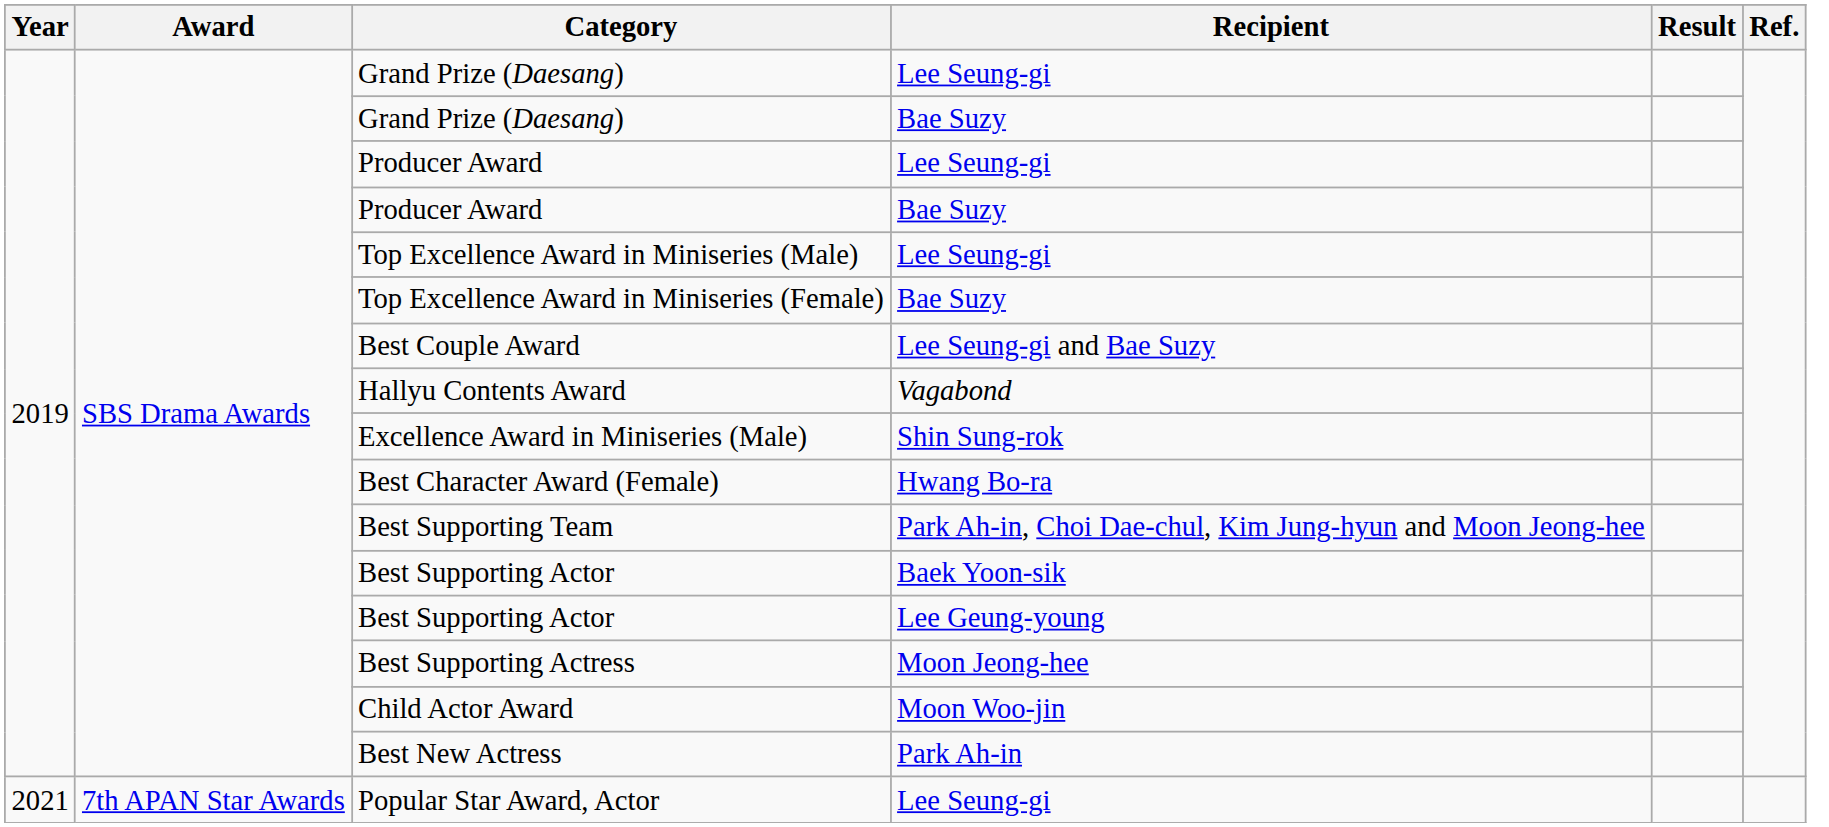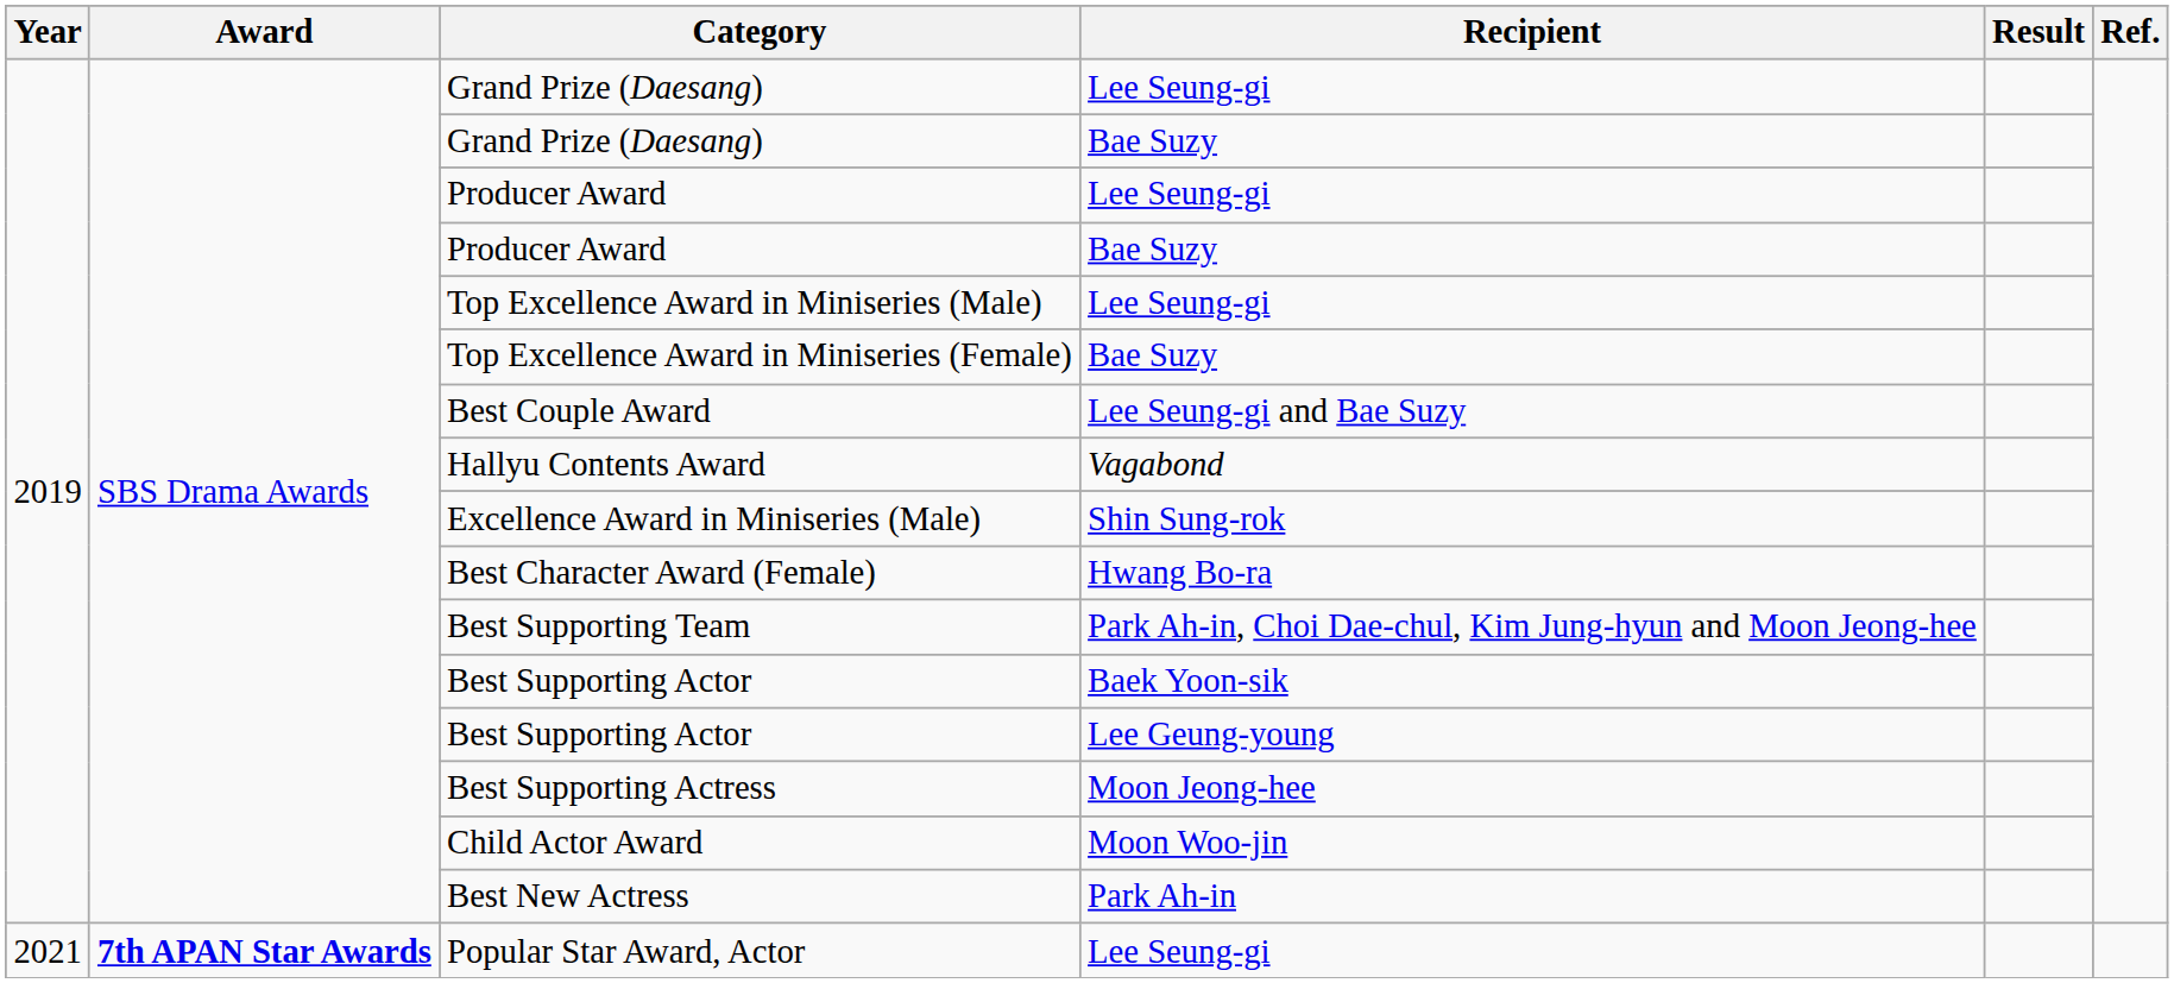 <table class="wikitable">
 <tr>
 <th>Year</th>
 <th>Award</th>
 <th>Category</th>
 <th>Recipient</th>
 <th>Result</th>
 <th>Ref.</th>
 </tr>
 <tr>
 <td rowspan="16">2019</td>
 <td rowspan="16"><a href='#'>SBS Drama Awards</a></td>
 <td>Grand Prize (<em>Daesang</em>)</td>
 <td><a href='#'>Lee Seung-gi</a></td>
 <td></td>
 <td rowspan="16"></td>
 </tr>
 <tr>
 <td>Grand Prize (<em>Daesang</em>)</td>
 <td><a href='#'>Bae Suzy</a></td>
 <td></td>
 </tr>
 <tr>
 <td>Producer Award</td>
 <td><a href='#'>Lee Seung-gi</a></td>
 <td></td>
 </tr>
 <tr>
 <td>Producer Award</td>
 <td><a href='#'>Bae Suzy</a></td>
 <td></td>
 </tr>
 <tr>
 <td>Top Excellence Award in Miniseries (Male)</td>
 <td><a href='#'>Lee Seung-gi</a></td>
 <td></td>
 </tr>
 <tr>
 <td>Top Excellence Award in Miniseries (Female)</td>
 <td><a href='#'>Bae Suzy</a></td>
 <td></td>
 </tr>
 <tr>
 <td>Best Couple Award</td>
 <td><a href='#'>Lee Seung-gi</a> and <a href='#'>Bae Suzy</a></td>
 <td></td>
 </tr>
 <tr>
 <td>Hallyu Contents Award</td>
 <td><em>Vagabond</em></td>
 <td></td>
 </tr>
 <tr>
 <td>Excellence Award in Miniseries (Male)</td>
 <td><a href='#'>Shin Sung-rok</a></td>
 <td></td>
 </tr>
 <tr>
 <td>Best Character Award (Female)</td>
 <td><a href='#'>Hwang Bo-ra</a></td>
 <td></td>
 </tr>
 <tr>
 <td>Best Supporting Team</td>
 <td><a href='#'>Park Ah-in</a>, <a href='#'>Choi Dae-chul</a>, <a href='#'>Kim Jung-hyun</a> and <a href='#'>Moon Jeong-hee</a></td>
 <td></td>
 </tr>
 <tr>
 <td>Best Supporting Actor</td>
 <td><a href='#'>Baek Yoon-sik</a></td>
 <td></td>
 </tr>
 <tr>
 <td>Best Supporting Actor</td>
 <td><a href='#'>Lee Geung-young</a></td>
 <td></td>
 </tr>
 <tr>
 <td>Best Supporting Actress</td>
 <td><a href='#'>Moon Jeong-hee</a></td>
 <td></td>
 </tr>
 <tr>
 <td>Child Actor Award</td>
 <td><a href='#'>Moon Woo-jin</a></td>
 <td></td>
 </tr>
 <tr>
 <td>Best New Actress</td>
 <td><a href='#'>Park Ah-in</a></td>
 <td></td>
 </tr>
 <tr>
 <td rowspan="2">2021</td>
-<td><a href='#'>7th APAN Star Awards</a></td>
+<td><strong><a href='#'>7th APAN Star Awards</a></strong></td>
 <td>Popular Star Award, Actor</td>
 <td><a href='#'>Lee Seung-gi</a></td>
 <td></td>
 <td></td>
 </tr>
 </table>
